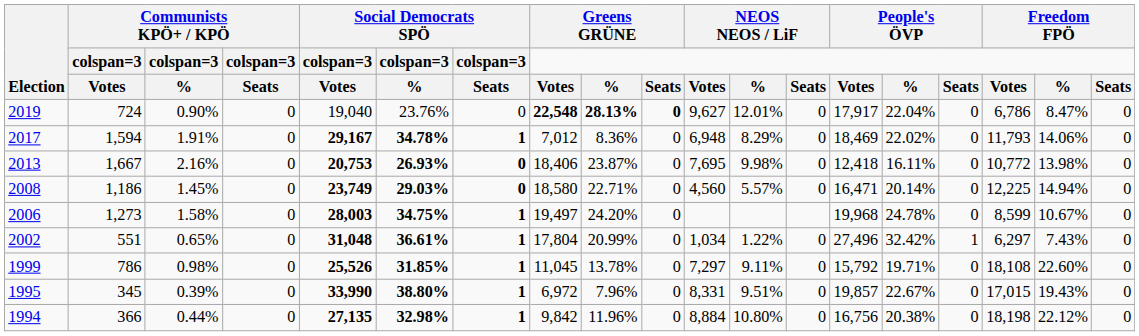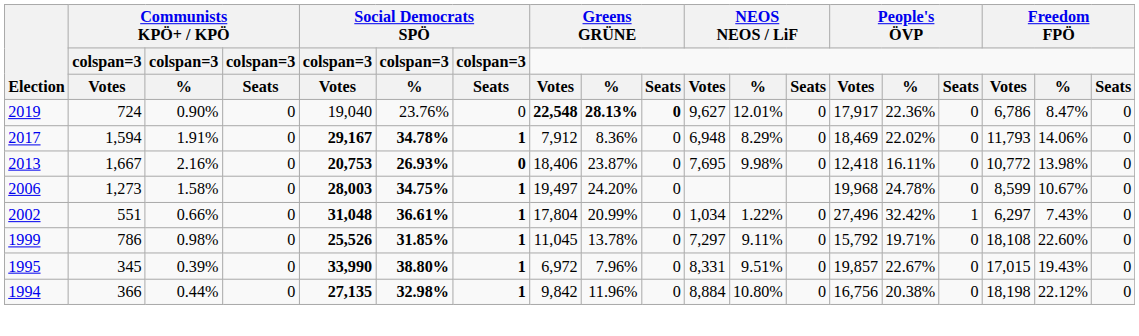 <table class="wikitable" border="1" style="font-size:100%; text-align:right;">
 <tr>
 <th style="text-align:left;" valign=bottom rowspan=3>Election</th>
 <th valign=bottom colspan=3><a href='#'>Communists</a><br>KPÖ+ / KPÖ</th>
 <th valign=bottom colspan=3><a href='#'>Social Democrats</a><br>SPÖ</th>
 <th valign=bottom colspan=3><a href='#'>Greens</a><br>GRÜNE</th>
 <th valign=bottom colspan=3><a href='#'>NEOS</a><br>NEOS / LiF</th>
 <th valign=bottom colspan=3><a href='#'>People's</a><br>ÖVP</th>
 <th valign=bottom colspan=3><a href='#'>Freedom</a><br>FPÖ</th>
 </tr>
 <tr>
 <th>colspan=3 </th>
 <th>colspan=3 </th>
 <th>colspan=3 </th>
 <th>colspan=3 </th>
 <th>colspan=3 </th>
 <th>colspan=3 </th>
 </tr>
 <tr>
 <th>Votes</th>
 <th>%</th>
 <th>Seats</th>
 <th>Votes</th>
 <th>%</th>
 <th>Seats</th>
 <th>Votes</th>
 <th>%</th>
 <th>Seats</th>
 <th>Votes</th>
 <th>%</th>
 <th>Seats</th>
 <th>Votes</th>
 <th>%</th>
 <th>Seats</th>
 <th>Votes</th>
 <th>%</th>
 <th>Seats</th>
 </tr>
 <tr>
 <td align=left><a href='#'>2019</a></td>
 <td>724</td>
 <td>0.90%</td>
 <td>0</td>
 <td>19,040</td>
 <td>23.76%</td>
 <td>0</td>
 <td><strong>22,548</strong></td>
 <td><strong>28.13%</strong></td>
 <td><strong>0</strong></td>
 <td>9,627</td>
 <td>12.01%</td>
 <td>0</td>
 <td>17,917</td>
-<td>22.04%</td>
+<td>22.36%</td>
 <td>0</td>
 <td>6,786</td>
 <td>8.47%</td>
 <td>0</td>
 </tr>
 <tr>
 <td align=left><a href='#'>2017</a></td>
 <td>1,594</td>
 <td>1.91%</td>
 <td>0</td>
 <td><strong>29,167</strong></td>
 <td><strong>34.78%</strong></td>
 <td><strong>1</strong></td>
-<td>7,012</td>
+<td>7,912</td>
 <td>8.36%</td>
 <td>0</td>
 <td>6,948</td>
 <td>8.29%</td>
 <td>0</td>
 <td>18,469</td>
 <td>22.02%</td>
 <td>0</td>
 <td>11,793</td>
 <td>14.06%</td>
 <td>0</td>
 </tr>
 <tr>
 <td align=left><a href='#'>2013</a></td>
 <td>1,667</td>
 <td>2.16%</td>
 <td>0</td>
 <td><strong>20,753</strong></td>
 <td><strong>26.93%</strong></td>
 <td><strong>0</strong></td>
 <td>18,406</td>
 <td>23.87%</td>
 <td>0</td>
 <td>7,695</td>
 <td>9.98%</td>
 <td>0</td>
 <td>12,418</td>
 <td>16.11%</td>
 <td>0</td>
 <td>10,772</td>
 <td>13.98%</td>
 <td>0</td>
 </tr>
 <tr>
-<td align=left><a href='#'>2008</a></td>
-<td>1,186</td>
-<td>1.45%</td>
-<td>0</td>
-<td><strong>23,749</strong></td>
-<td><strong>29.03%</strong></td>
-<td><strong>0</strong></td>
-<td>18,580</td>
-<td>22.71%</td>
-<td>0</td>
-<td>4,560</td>
-<td>5.57%</td>
-<td>0</td>
-<td>16,471</td>
-<td>20.14%</td>
-<td>0</td>
-<td>12,225</td>
-<td>14.94%</td>
-<td>0</td>
-</tr>
-<tr>
 <td align=left><a href='#'>2006</a></td>
 <td>1,273</td>
 <td>1.58%</td>
 <td>0</td>
 <td><strong>28,003</strong></td>
 <td><strong>34.75%</strong></td>
 <td><strong>1</strong></td>
 <td>19,497</td>
 <td>24.20%</td>
 <td>0</td>
 <td></td>
 <td></td>
 <td></td>
 <td>19,968</td>
 <td>24.78%</td>
 <td>0</td>
 <td>8,599</td>
 <td>10.67%</td>
 <td>0</td>
 </tr>
 <tr>
 <td align=left><a href='#'>2002</a></td>
 <td>551</td>
-<td>0.65%</td>
+<td>0.66%</td>
 <td>0</td>
 <td><strong>31,048</strong></td>
 <td><strong>36.61%</strong></td>
 <td><strong>1</strong></td>
 <td>17,804</td>
 <td>20.99%</td>
 <td>0</td>
 <td>1,034</td>
 <td>1.22%</td>
 <td>0</td>
 <td>27,496</td>
 <td>32.42%</td>
 <td>1</td>
 <td>6,297</td>
 <td>7.43%</td>
 <td>0</td>
 </tr>
 <tr>
 <td align=left><a href='#'>1999</a></td>
 <td>786</td>
 <td>0.98%</td>
 <td>0</td>
 <td><strong>25,526</strong></td>
 <td><strong>31.85%</strong></td>
 <td><strong>1</strong></td>
 <td>11,045</td>
 <td>13.78%</td>
 <td>0</td>
 <td>7,297</td>
 <td>9.11%</td>
 <td>0</td>
 <td>15,792</td>
 <td>19.71%</td>
 <td>0</td>
 <td>18,108</td>
 <td>22.60%</td>
 <td>0</td>
 </tr>
 <tr>
 <td align=left><a href='#'>1995</a></td>
 <td>345</td>
 <td>0.39%</td>
 <td>0</td>
 <td><strong>33,990</strong></td>
 <td><strong>38.80%</strong></td>
 <td><strong>1</strong></td>
 <td>6,972</td>
 <td>7.96%</td>
 <td>0</td>
 <td>8,331</td>
 <td>9.51%</td>
 <td>0</td>
 <td>19,857</td>
 <td>22.67%</td>
 <td>0</td>
 <td>17,015</td>
 <td>19.43%</td>
 <td>0</td>
 </tr>
 <tr>
 <td align=left><a href='#'>1994</a></td>
 <td>366</td>
 <td>0.44%</td>
 <td>0</td>
 <td><strong>27,135</strong></td>
 <td><strong>32.98%</strong></td>
 <td><strong>1</strong></td>
 <td>9,842</td>
 <td>11.96%</td>
 <td>0</td>
 <td>8,884</td>
 <td>10.80%</td>
 <td>0</td>
 <td>16,756</td>
 <td>20.38%</td>
 <td>0</td>
 <td>18,198</td>
 <td>22.12%</td>
 <td>0</td>
 </tr>
 </table>
